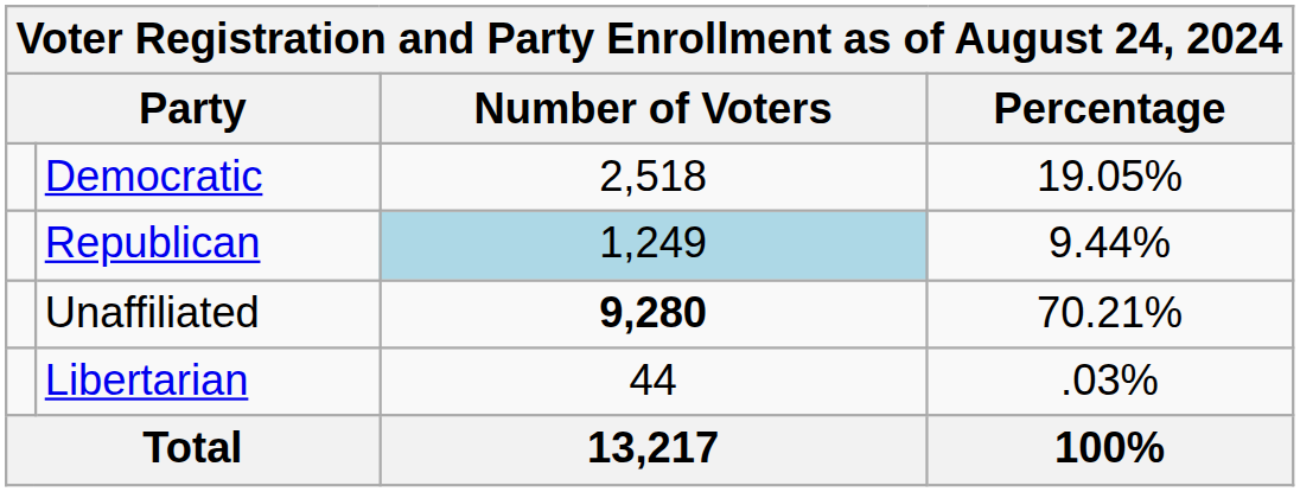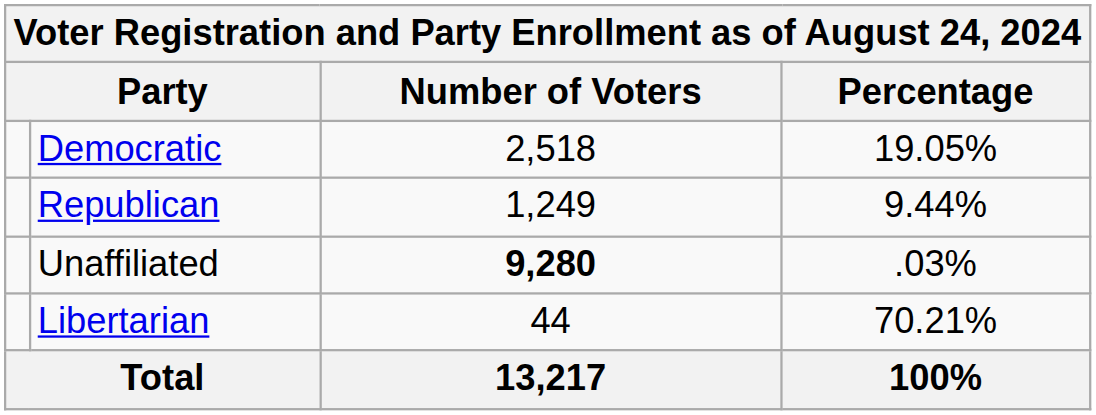 <table class=wikitable>
 <tr>
 <th colspan = 6>Voter Registration and Party Enrollment as of August 24, 2024</th>
 </tr>
 <tr>
 <th colspan = 2>Party</th>
 <th>Number of Voters</th>
 <th>Percentage</th>
 </tr>
 <tr>
 <td></td>
 <td><a href='#'>Democratic</a></td>
 <td style="text-align:center;">2,518</td>
 <td style="text-align:center;">19.05%</td>
 </tr>
 <tr>
 <td></td>
 <td><a href='#'>Republican</a></td>
-<td style="background: lightblue; text-align:center;">1,249</td>
+<td style="text-align:center;">1,249</td>
 <td style="text-align:center;">9.44%</td>
 </tr>
 <tr>
 <td></td>
 <td>Unaffiliated</td>
 <td style="text-align:center;"><strong>9,280</strong></td>
-<td style="text-align:center;">70.21%</td>
+<td style="text-align:center;">.03%</td>
 </tr>
 <tr>
 <td></td>
 <td><a href='#'>Libertarian</a></td>
 <td style="text-align:center;">44</td>
-<td style="text-align:center;">.03%</td>
+<td style="text-align:center;">70.21%</td>
 </tr>
 <tr>
 <th colspan = 2>Total</th>
 <th style="text-align:center;">13,217</th>
 <th style="text-align:center;">100%</th>
 </tr>
 </table>
